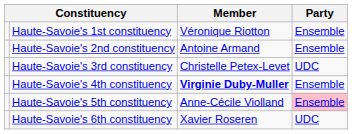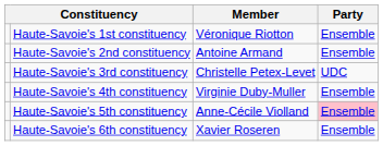 <table class="wikitable">
 <tr>
 <th colspan="2">Constituency</th>
 <th>Member</th>
 <th>Party</th>
 </tr>
 <tr>
 <td style="background-color: "></td>
 <td><a href='#'>Haute-Savoie's 1st constituency</a></td>
 <td><a href='#'>Véronique Riotton</a></td>
 <td><a href='#'>Ensemble</a></td>
 </tr>
 <tr>
 <td style="background-color: "></td>
 <td><a href='#'>Haute-Savoie's 2nd constituency</a></td>
 <td><a href='#'>Antoine Armand</a></td>
 <td><a href='#'>Ensemble</a></td>
 </tr>
 <tr>
 <td style="background-color: "></td>
 <td><a href='#'>Haute-Savoie's 3rd constituency</a></td>
 <td><a href='#'>Christelle Petex-Levet</a></td>
 <td><a href='#'>UDC</a></td>
 </tr>
 <tr>
 <td style="background-color: "></td>
 <td><a href='#'>Haute-Savoie's 4th constituency</a></td>
-<td><strong><a href='#'>Virginie Duby-Muller</a></strong></td>
+<td><a href='#'>Virginie Duby-Muller</a></td>
 <td><a href='#'>Ensemble</a></td>
 </tr>
 <tr>
 <td style="background-color: "></td>
 <td><a href='#'>Haute-Savoie's 5th constituency</a></td>
 <td><a href='#'>Anne-Cécile Violland</a></td>
 <td style="background: pink;"><a href='#'>Ensemble</a></td>
 </tr>
 <tr>
 <td style="background-color: "></td>
 <td><a href='#'>Haute-Savoie's 6th constituency</a></td>
 <td><a href='#'>Xavier Roseren</a></td>
-<td><a href='#'>UDC</a></td>
+<td><a href='#'>Ensemble</a></td>
 </tr>
 </table>
